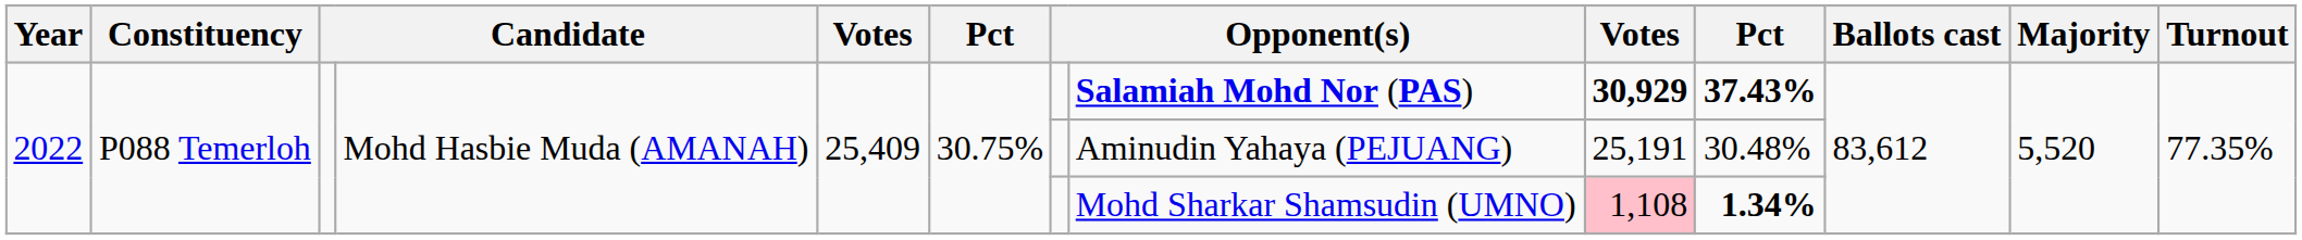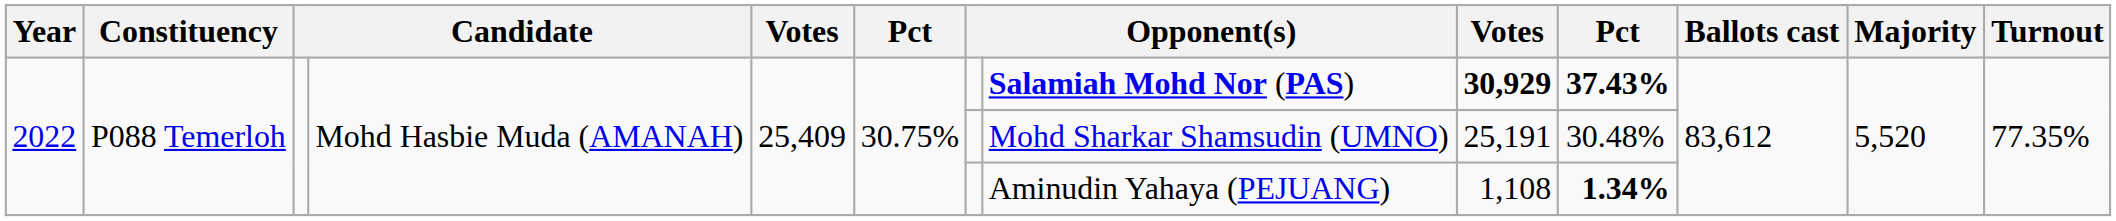 <table class="wikitable" style="margin:0.5em ; font-size:95%">
 <tr>
 <th>Year</th>
 <th>Constituency</th>
 <th colspan=2>Candidate</th>
 <th>Votes</th>
 <th>Pct</th>
 <th colspan=2>Opponent(s)</th>
 <th>Votes</th>
 <th>Pct</th>
 <th>Ballots cast</th>
 <th>Majority</th>
 <th>Turnout</th>
 </tr>
 <tr>
 <td rowspan=3><a href='#'>2022</a></td>
 <td rowspan=3>P088 <a href='#'>Temerloh</a></td>
 <td rowspan=3 ></td>
 <td rowspan=3>Mohd Hasbie Muda (<a href='#'>AMANAH</a>)</td>
 <td rowspan=3 align=right>25,409</td>
 <td rowspan=3>30.75%</td>
 <td bgcolor=></td>
 <td><strong><a href='#'>Salamiah Mohd Nor</a></strong> (<a href='#'><strong>PAS</strong></a>)</td>
 <td align=right><strong>30,929</strong></td>
 <td><strong>37.43%</strong></td>
 <td rowspan=3>83,612</td>
 <td rowspan=3>5,520</td>
 <td rowspan=3>77.35%</td>
 </tr>
 <tr>
 <td></td>
-<td>Aminudin Yahaya (<a href='#'>PEJUANG</a>)</td>
+<td><a href='#'>Mohd Sharkar Shamsudin</a> (<a href='#'>UMNO</a>)</td>
 <td align=right>25,191</td>
 <td>30.48%</td>
 </tr>
 <tr>
 <td bgcolor=></td>
-<td><a href='#'>Mohd Sharkar Shamsudin</a> (<a href='#'>UMNO</a>)</td>
-<td align=right style="background: pink;">1,108</td>
+<td>Aminudin Yahaya (<a href='#'>PEJUANG</a>)</td>
+<td align=right>1,108</td>
 <td align=right><strong>1.34%</strong></td>
 </tr>
 </table>
